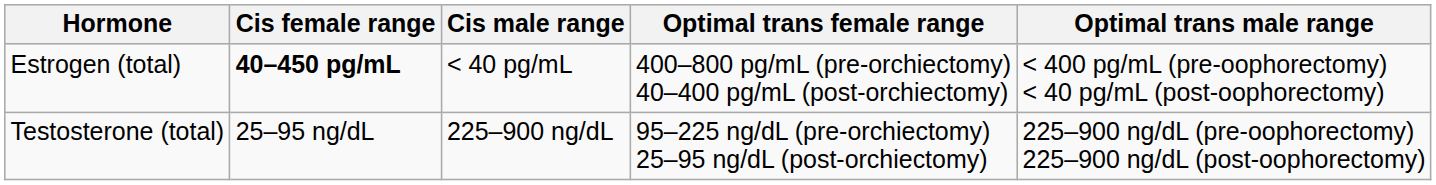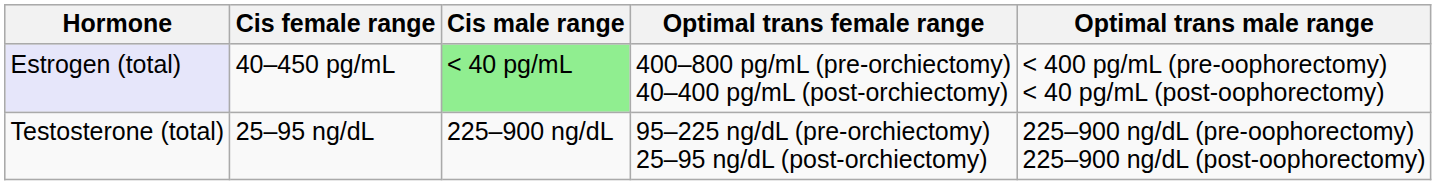 <table class="wikitable">
 <tr valign="top">
 <th>Hormone</th>
 <th>Cis female range</th>
 <th>Cis male range</th>
 <th>Optimal trans female range</th>
 <th>Optimal trans male range</th>
 </tr>
 <tr valign="top">
-<td>Estrogen (total)</td>
-<td><strong>40–450 pg/mL</strong></td>
-<td>< 40 pg/mL</td>
+<td style="background: lavender;">Estrogen (total)</td>
+<td>40–450 pg/mL</td>
+<td style="background: lightgreen;">< 40 pg/mL</td>
 <td>400–800 pg/mL (pre-orchiectomy)<br>40–400 pg/mL (post-orchiectomy)</td>
 <td>< 400 pg/mL (pre-oophorectomy)<br>< 40 pg/mL (post-oophorectomy)</td>
 </tr>
 <tr valign="top">
 <td>Testosterone (total)</td>
 <td>25–95 ng/dL</td>
 <td>225–900 ng/dL</td>
 <td>95–225 ng/dL (pre-orchiectomy)<br>25–95 ng/dL (post-orchiectomy)</td>
 <td>225–900 ng/dL (pre-oophorectomy)<br>225–900 ng/dL (post-oophorectomy)</td>
 </tr>
 </table>
